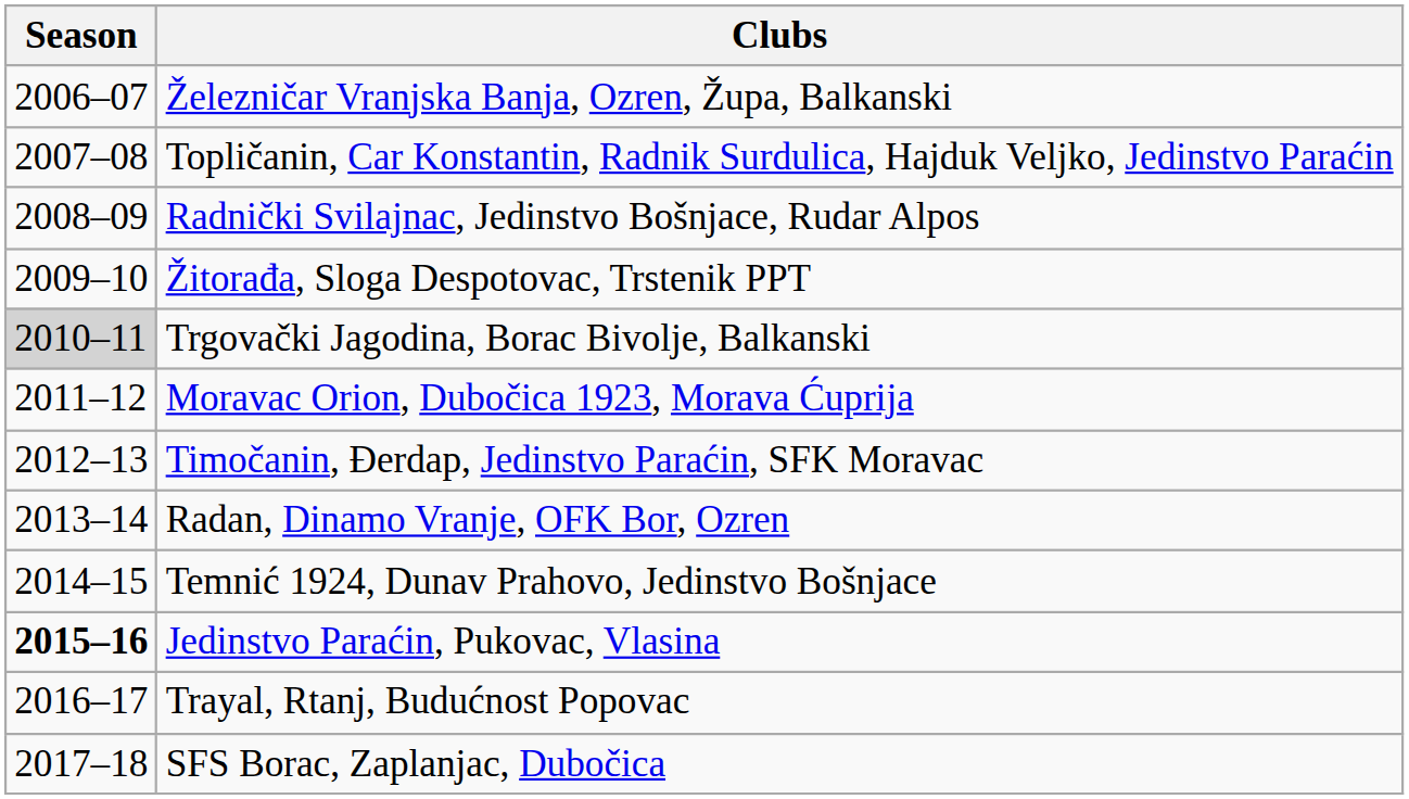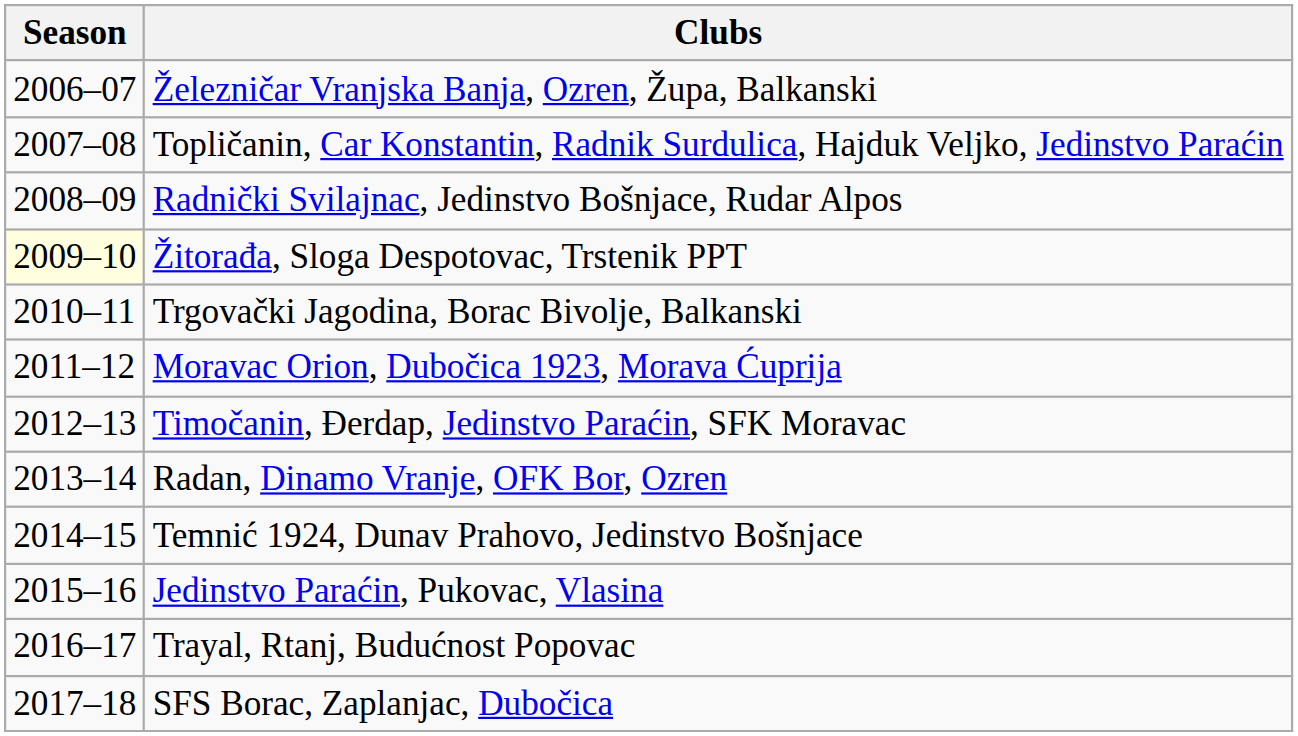 <table class="wikitable" style="text-align:left;">
 <tr>
 <th>Season</th>
 <th>Clubs</th>
 </tr>
 <tr>
 <td>2006–07</td>
 <td><a href='#'>Železničar Vranjska Banja</a>, <a href='#'>Ozren</a>, Župa, Balkanski</td>
 </tr>
 <tr>
 <td>2007–08</td>
 <td>Topličanin, <a href='#'>Car Konstantin</a>, <a href='#'>Radnik Surdulica</a>, Hajduk Veljko, <a href='#'>Jedinstvo Paraćin</a></td>
 </tr>
 <tr>
 <td>2008–09</td>
 <td><a href='#'>Radnički Svilajnac</a>, Jedinstvo Bošnjace, Rudar Alpos</td>
 </tr>
 <tr>
-<td>2009–10</td>
+<td style="background: lightyellow;">2009–10</td>
 <td><a href='#'>Žitorađa</a>, Sloga Despotovac, Trstenik PPT</td>
 </tr>
 <tr>
-<td style="background: lightgrey;">2010–11</td>
+<td>2010–11</td>
 <td>Trgovački Jagodina, Borac Bivolje, Balkanski</td>
 </tr>
 <tr>
 <td>2011–12</td>
 <td><a href='#'>Moravac Orion</a>, <a href='#'>Dubočica 1923</a>, <a href='#'>Morava Ćuprija</a></td>
 </tr>
 <tr>
 <td>2012–13</td>
 <td><a href='#'>Timočanin</a>, Đerdap, <a href='#'>Jedinstvo Paraćin</a>, SFK Moravac</td>
 </tr>
 <tr>
 <td>2013–14</td>
 <td>Radan, <a href='#'>Dinamo Vranje</a>, <a href='#'>OFK Bor</a>, <a href='#'>Ozren</a></td>
 </tr>
 <tr>
 <td>2014–15</td>
 <td>Temnić 1924, Dunav Prahovo, Jedinstvo Bošnjace</td>
 </tr>
 <tr>
-<td><strong>2015–16</strong></td>
+<td>2015–16</td>
 <td><a href='#'>Jedinstvo Paraćin</a>, Pukovac, <a href='#'>Vlasina</a></td>
 </tr>
 <tr>
 <td>2016–17</td>
 <td>Trayal, Rtanj, Budućnost Popovac</td>
 </tr>
 <tr>
 <td>2017–18</td>
 <td>SFS Borac, Zaplanjac, <a href='#'>Dubočica</a></td>
 </tr>
 </table>
